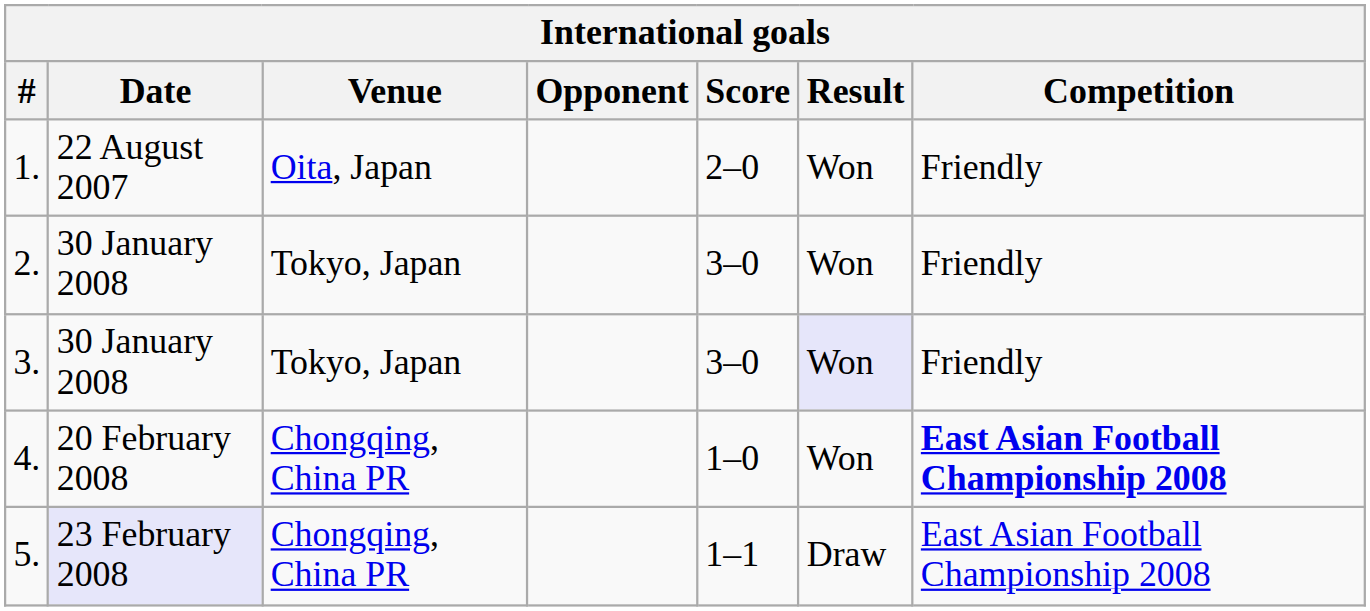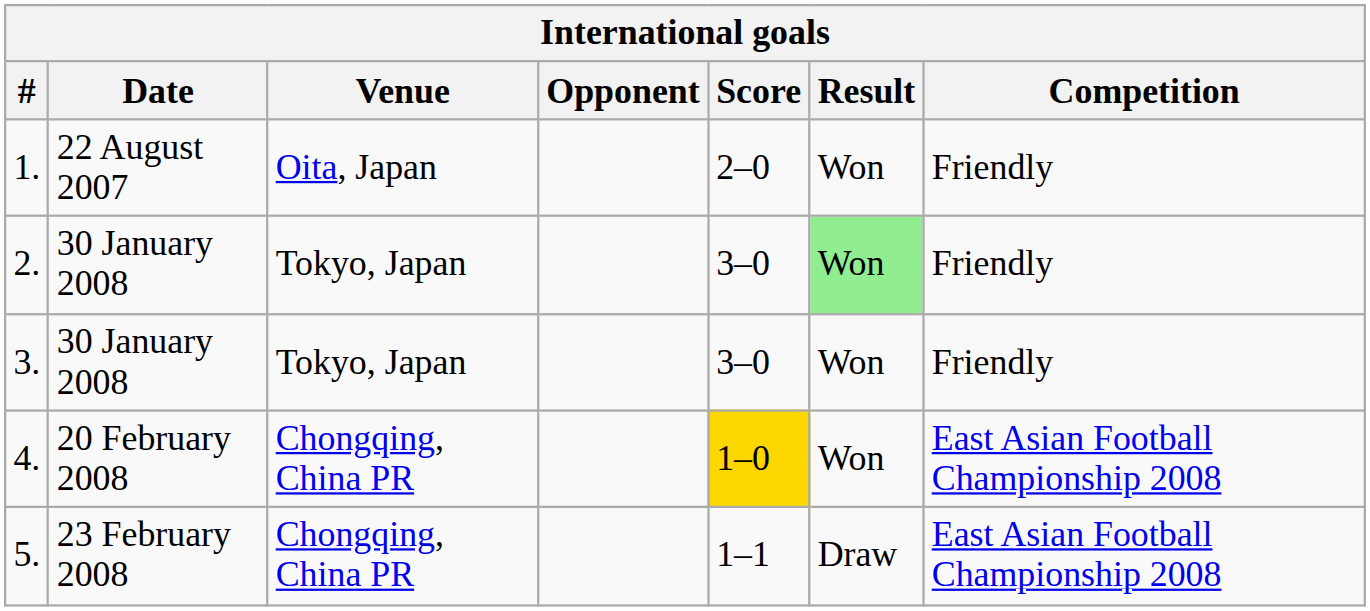 <table class="wikitable collapsible collapsed">
 <tr>
 <th colspan="7"><strong>International goals</strong></th>
 </tr>
 <tr>
 <th>#</th>
 <th>Date</th>
 <th>Venue</th>
 <th>Opponent</th>
 <th>Score</th>
 <th>Result</th>
 <th>Competition</th>
 </tr>
 <tr>
 <td>1.</td>
 <td>22 August 2007</td>
 <td><a href='#'>Oita</a>, Japan</td>
 <td></td>
 <td>2–0</td>
 <td>Won</td>
 <td>Friendly</td>
 </tr>
 <tr>
 <td>2.</td>
 <td>30 January 2008</td>
 <td>Tokyo, Japan</td>
 <td></td>
 <td>3–0</td>
-<td>Won</td>
+<td style="background: lightgreen;">Won</td>
 <td>Friendly</td>
 </tr>
 <tr>
 <td>3.</td>
 <td>30 January 2008</td>
 <td>Tokyo, Japan</td>
 <td></td>
 <td>3–0</td>
-<td style="background: lavender;">Won</td>
+<td>Won</td>
 <td>Friendly</td>
 </tr>
 <tr>
 <td>4.</td>
 <td>20 February 2008</td>
 <td><a href='#'>Chongqing</a>, <a href='#'>China PR</a></td>
 <td></td>
-<td>1–0</td>
+<td style="background: gold;">1–0</td>
 <td>Won</td>
-<td><strong><a href='#'>East Asian Football Championship 2008</a></strong></td>
+<td><a href='#'>East Asian Football Championship 2008</a></td>
 </tr>
 <tr>
 <td>5.</td>
-<td style="background: lavender;">23 February 2008</td>
+<td>23 February 2008</td>
 <td><a href='#'>Chongqing</a>, <a href='#'>China PR</a></td>
 <td></td>
 <td>1–1</td>
 <td>Draw</td>
 <td><a href='#'>East Asian Football Championship 2008</a></td>
 </tr>
 </table>
